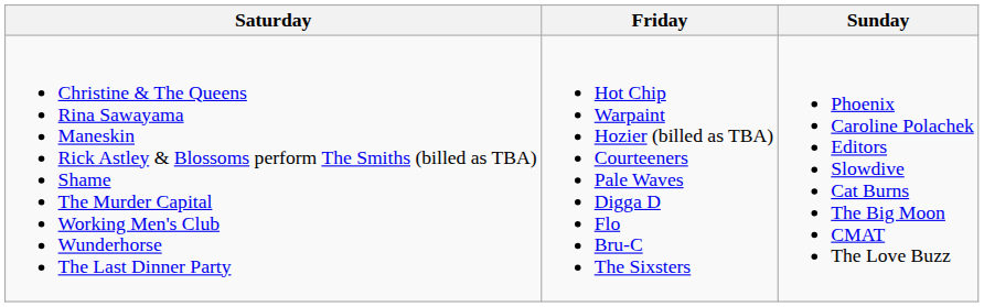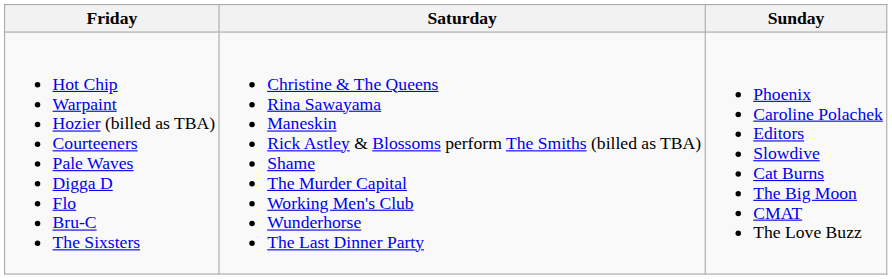 <table class="wikitable">
 <tr>
+<th>Friday</th>
 <th>Saturday</th>
-<th>Friday</th>
 <th>Sunday</th>
 </tr>
 <tr>
+<td><br><ul><li><a href='#'>Hot Chip</a></li><li><a href='#'>Warpaint</a></li><li><a href='#'>Hozier</a> (billed as TBA)</li><li><a href='#'>Courteeners</a></li><li><a href='#'>Pale Waves</a></li><li><a href='#'>Digga D</a></li><li><a href='#'>Flo</a></li><li><a href='#'>Bru-C</a></li><li><a href='#'>The Sixsters</a></li></ul></td>
 <td><br><ul><li><a href='#'>Christine & The Queens</a></li><li><a href='#'>Rina Sawayama</a></li><li><a href='#'>Maneskin</a></li><li><a href='#'>Rick Astley</a> & <a href='#'>Blossoms</a> perform <a href='#'>The Smiths</a> (billed as TBA)</li><li><a href='#'>Shame</a></li><li><a href='#'>The Murder Capital</a></li><li><a href='#'>Working Men's Club</a></li><li><a href='#'>Wunderhorse</a></li><li><a href='#'>The Last Dinner Party</a></li></ul></td>
-<td><br><ul><li><a href='#'>Hot Chip</a></li><li><a href='#'>Warpaint</a></li><li><a href='#'>Hozier</a> (billed as TBA)</li><li><a href='#'>Courteeners</a></li><li><a href='#'>Pale Waves</a></li><li><a href='#'>Digga D</a></li><li><a href='#'>Flo</a></li><li><a href='#'>Bru-C</a></li><li><a href='#'>The Sixsters</a></li></ul></td>
 <td><br><ul><li><a href='#'>Phoenix</a></li><li><a href='#'>Caroline Polachek</a></li><li><a href='#'>Editors</a></li><li><a href='#'>Slowdive</a></li><li><a href='#'>Cat Burns</a></li><li><a href='#'>The Big Moon</a></li><li><a href='#'>CMAT</a></li><li>The Love Buzz</li></ul></td>
 </tr>
 </table>
